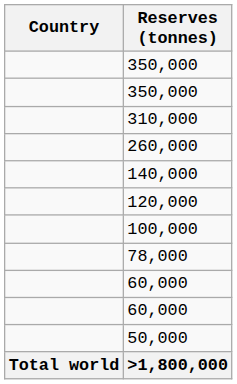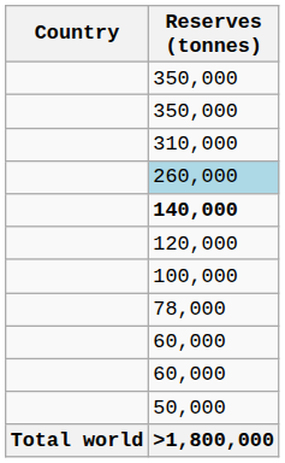 <table class="wikitable">
 <tr>
 <th>Country</th>
 <th>Reserves <br>(tonnes)</th>
 </tr>
 <tr>
 <td></td>
 <td>350,000</td>
 </tr>
 <tr>
 <td></td>
 <td>350,000</td>
 </tr>
 <tr>
 <td></td>
 <td>310,000</td>
 </tr>
 <tr>
 <td></td>
-<td>260,000</td>
+<td style="background: lightblue;">260,000</td>
 </tr>
 <tr>
 <td></td>
-<td>140,000</td>
+<td><strong>140,000</strong></td>
 </tr>
 <tr>
 <td></td>
 <td>120,000</td>
 </tr>
 <tr>
 <td></td>
 <td>100,000</td>
 </tr>
 <tr>
 <td></td>
 <td>78,000</td>
 </tr>
 <tr>
 <td></td>
 <td>60,000</td>
 </tr>
 <tr>
 <td></td>
 <td>60,000</td>
 </tr>
 <tr>
 <td></td>
 <td>50,000</td>
 </tr>
 <tr>
 <th>Total world</th>
 <th>>1,800,000</th>
 </tr>
 </table>
